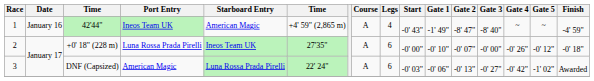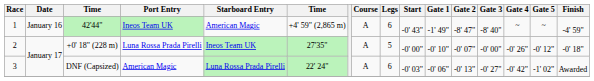 <table class="wikitable" style="font-size:8pt;line-height:1;text-align: center;">
 <tr>
 <th>Race</th>
 <th>Date</th>
 <th>Time</th>
 <th>Port Entry</th>
 <th>Starboard Entry</th>
 <th>Time</th>
 <th rowspan="4"></th>
 <th>Course</th>
 <th>Legs</th>
 <th>Start</th>
 <th>Gate 1</th>
 <th>Gate 2</th>
 <th>Gate 3</th>
 <th>Gate 4</th>
 <th>Gate 5</th>
 <th>Finish</th>
 </tr>
 <tr>
 <td>1<br></td>
 <td>January 16</td>
 <td bgcolor="#BBF3BB">42'44"</td>
 <td style="text-align: left;" bgcolor="#BBF3BB"> <a href='#'>Ineos Team UK</a></td>
 <td style="text-align: left;"> <a href='#'>American Magic</a></td>
 <td>+4' 59" (2,865 m)</td>
 <td>A</td>
-<td>4</td>
+<td>6</td>
 <td><br>-0' 43"</td>
 <td><br>-1' 49"</td>
 <td><br>-8' 47"</td>
 <td><br>-8' 40"</td>
 <td>~</td>
 <td>~</td>
 <td><br>-4' 59"</td>
 </tr>
 <tr>
 <td>2<br></td>
 <td Rowspan="2">January 17</td>
 <td>+0' 18" (228 m)</td>
 <td style="text-align: left;"> <a href='#'>Luna Rossa Prada Pirelli</a></td>
 <td style="text-align: left;"  bgcolor="#BBF3BB"> <a href='#'>Ineos Team UK</a></td>
 <td bgcolor="#BBF3BB">27'35"</td>
 <td>A</td>
-<td>6</td>
+<td>5</td>
 <td><br>-0' 00"</td>
 <td><br>-0' 10"</td>
 <td><br>-0' 07"</td>
 <td><br>-0' 00"</td>
 <td><br>-0' 26"</td>
 <td><br>-0' 12"</td>
 <td><br>-0' 18"</td>
 </tr>
 <tr>
 <td>3<br></td>
 <td>DNF (Capsized)</td>
 <td style="text-align: left;"> <a href='#'>American Magic</a></td>
 <td style="text-align: left;" bgcolor="#BBF3BB"> <a href='#'>Luna Rossa Prada Pirelli</a></td>
 <td bgcolor="#BBF3BB">22' 24"</td>
 <td>A</td>
 <td>6</td>
 <td><br>-0' 03"</td>
 <td><br>-0' 06"</td>
 <td><br>-0' 13"</td>
 <td><br>-0' 27"</td>
 <td><br>-0' 42"</td>
 <td><br>-1' 02"</td>
 <td><br>Awarded</td>
 </tr>
 <tr>
 </tr>
 </table>
